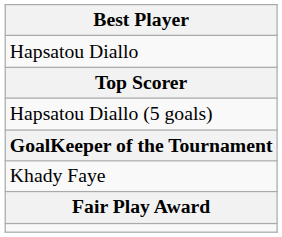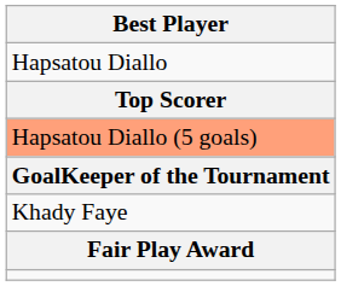 <table class="wikitable" style="margin:auto">
 <tr>
 <th>Best Player</th>
 </tr>
 <tr>
 <td> Hapsatou Diallo</td>
 </tr>
 <tr>
 <th>Top Scorer</th>
 </tr>
 <tr>
-<td> Hapsatou Diallo (5 goals)</td>
+<td style="background: lightsalmon;"> Hapsatou Diallo (5 goals)</td>
 </tr>
 <tr>
 <th>GoalKeeper of the Tournament</th>
 </tr>
 <tr>
 <td>  Khady Faye</td>
 </tr>
 <tr>
 <th>Fair Play Award</th>
 </tr>
 <tr>
 <td></td>
 </tr>
 </table>
